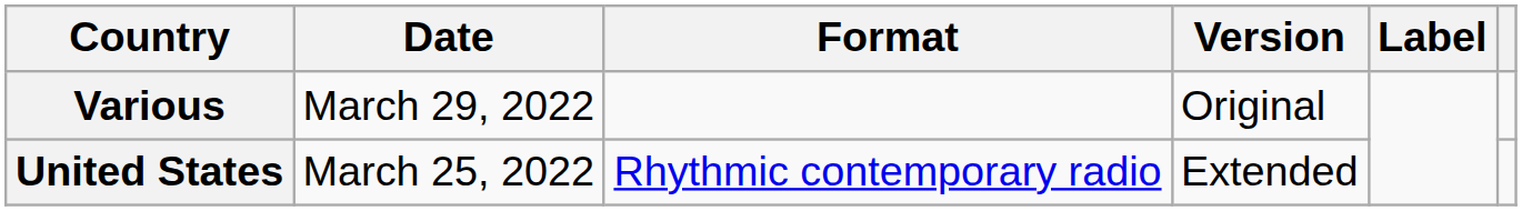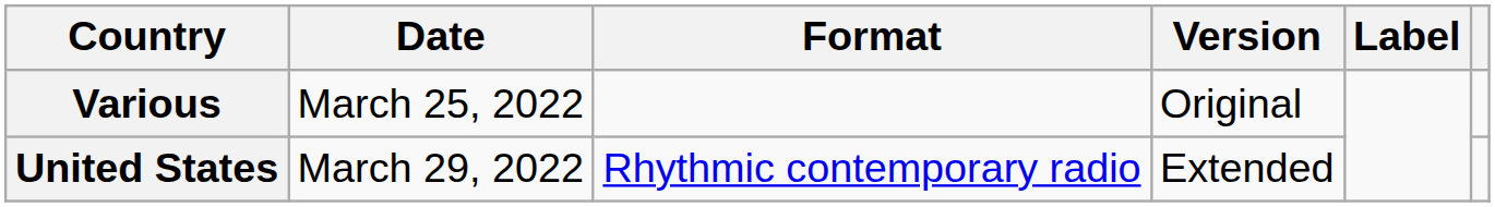 <table class="wikitable plainrowheaders">
 <tr>
 <th scope="col">Country</th>
 <th scope="col">Date</th>
 <th scope="col">Format</th>
 <th scope="col">Version</th>
 <th scope="col">Label</th>
 <th scope="col"></th>
 </tr>
 <tr>
 <th scope="row">Various</th>
-<td>March 29, 2022</td>
+<td>March 25, 2022</td>
 <td></td>
 <td>Original</td>
 <td rowspan="2"></td>
 <td style="text-align:center;"></td>
 </tr>
 <tr>
 <th scope="row">United States</th>
-<td>March 25, 2022</td>
+<td>March 29, 2022</td>
 <td><a href='#'>Rhythmic contemporary radio</a></td>
 <td>Extended</td>
 <td style="text-align:center;"></td>
 </tr>
 </table>
